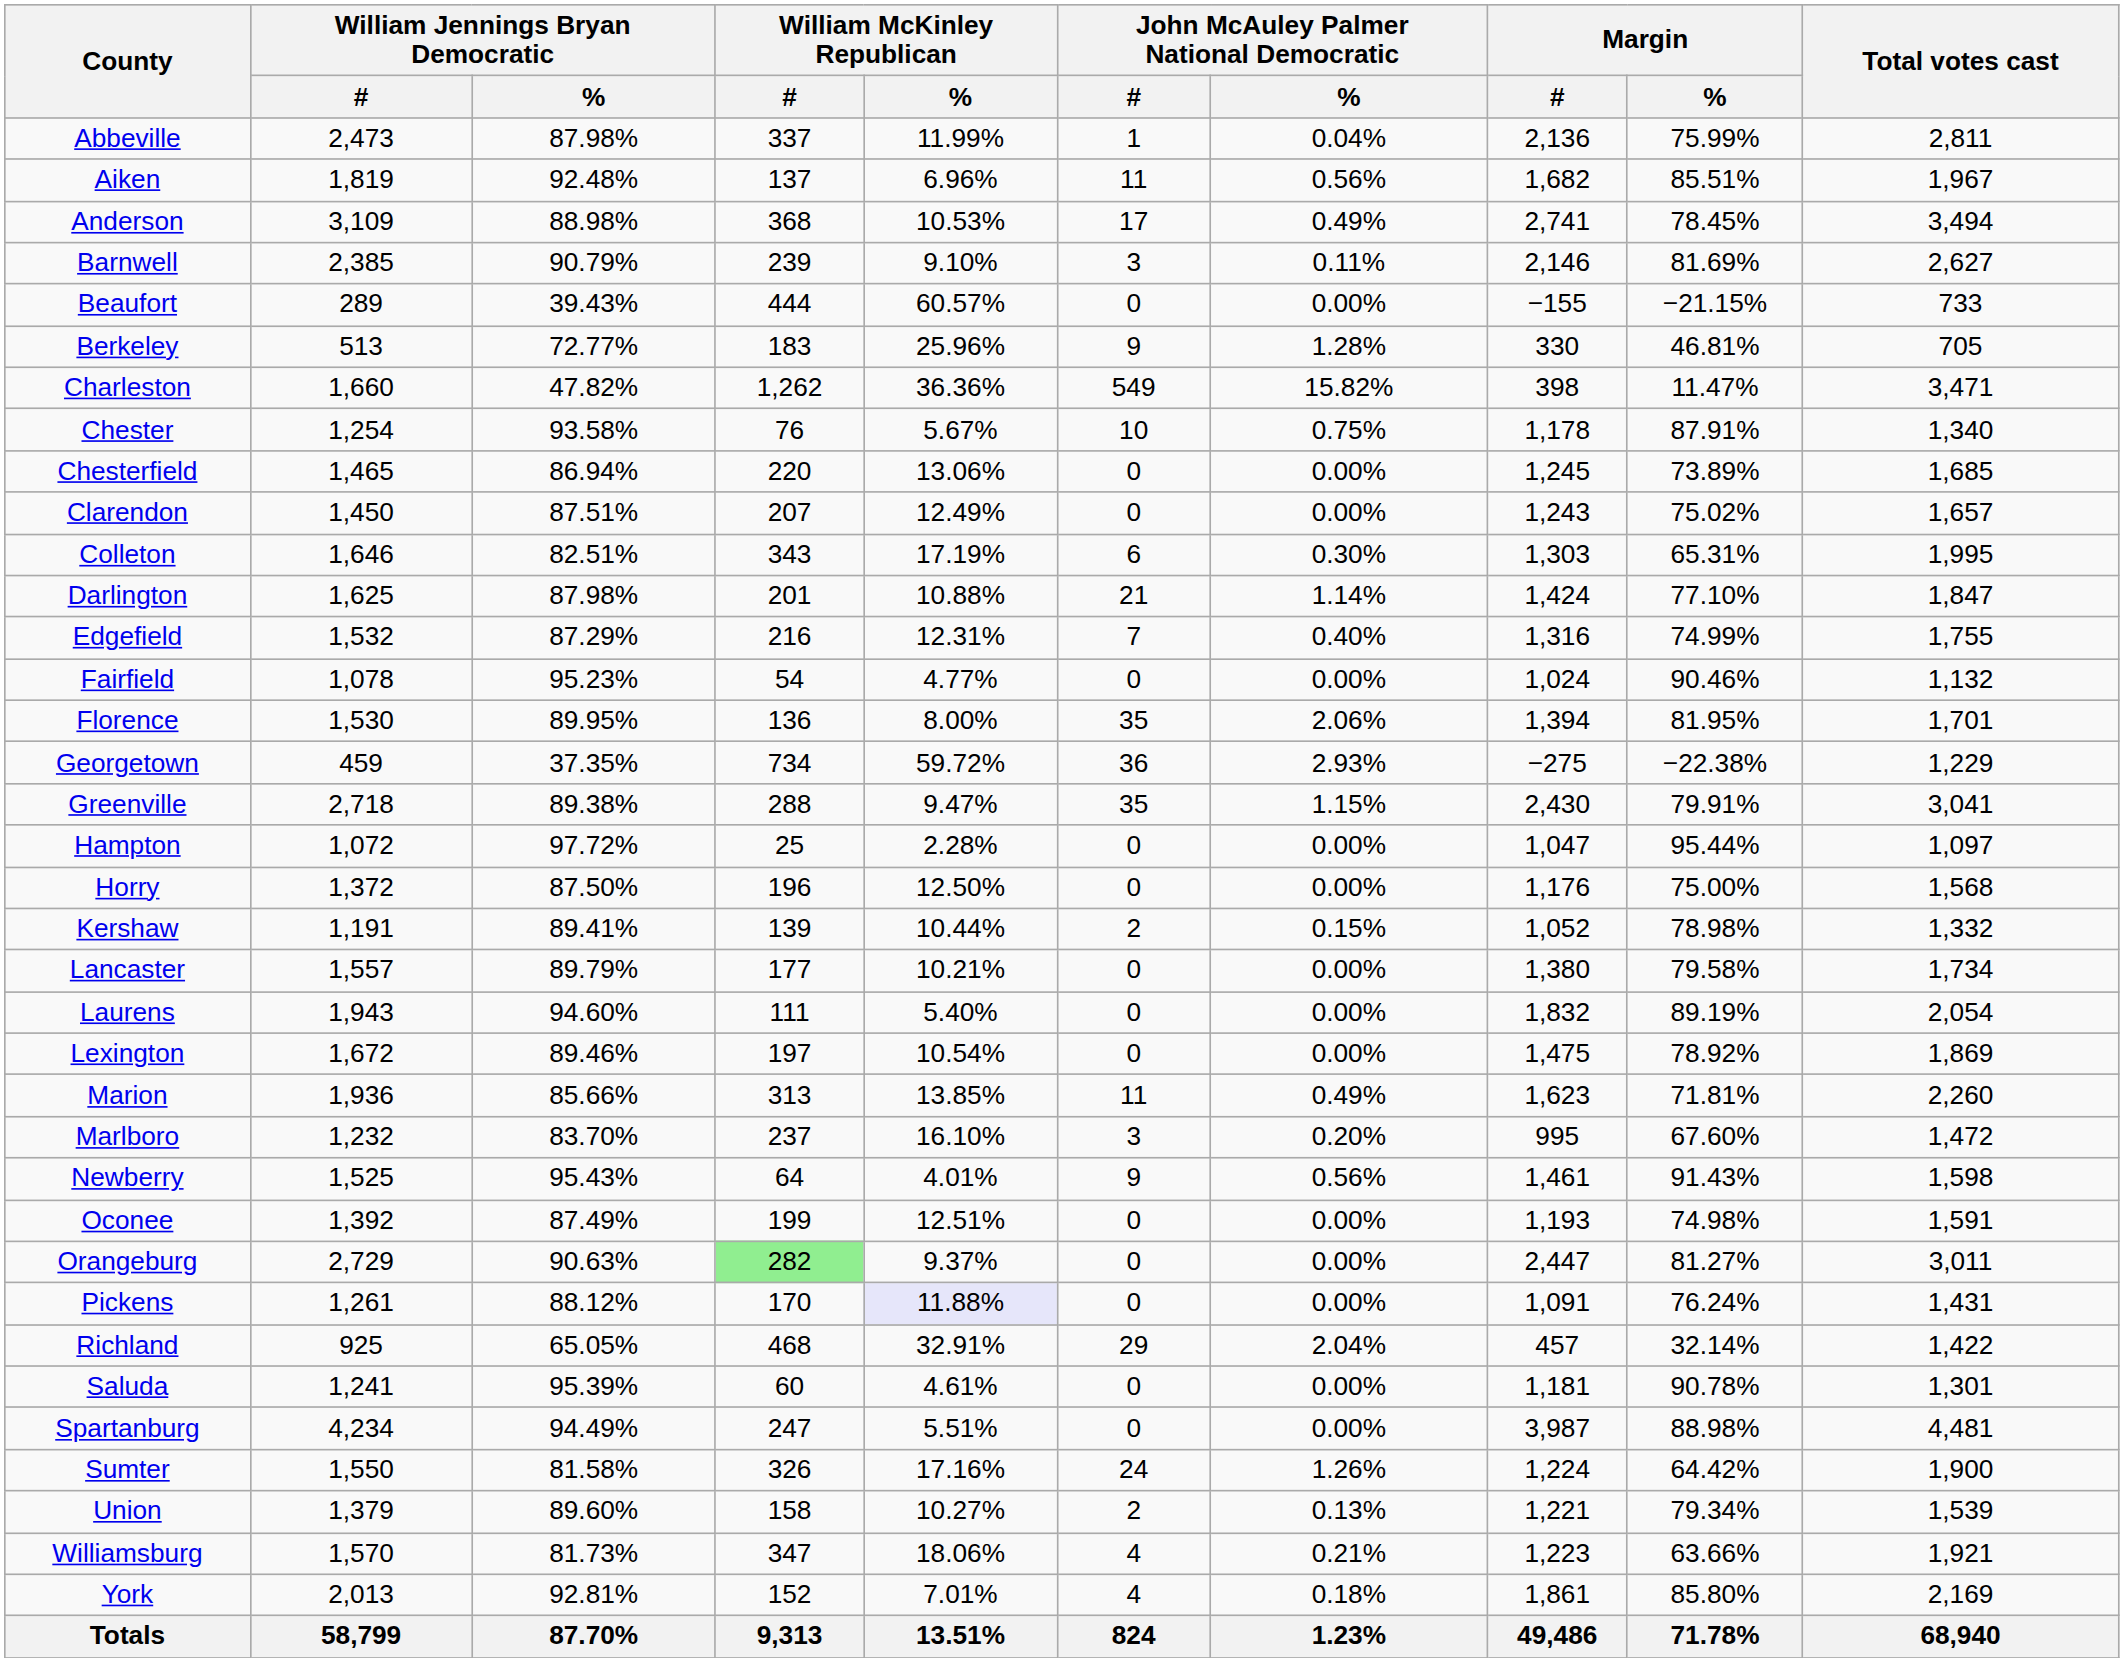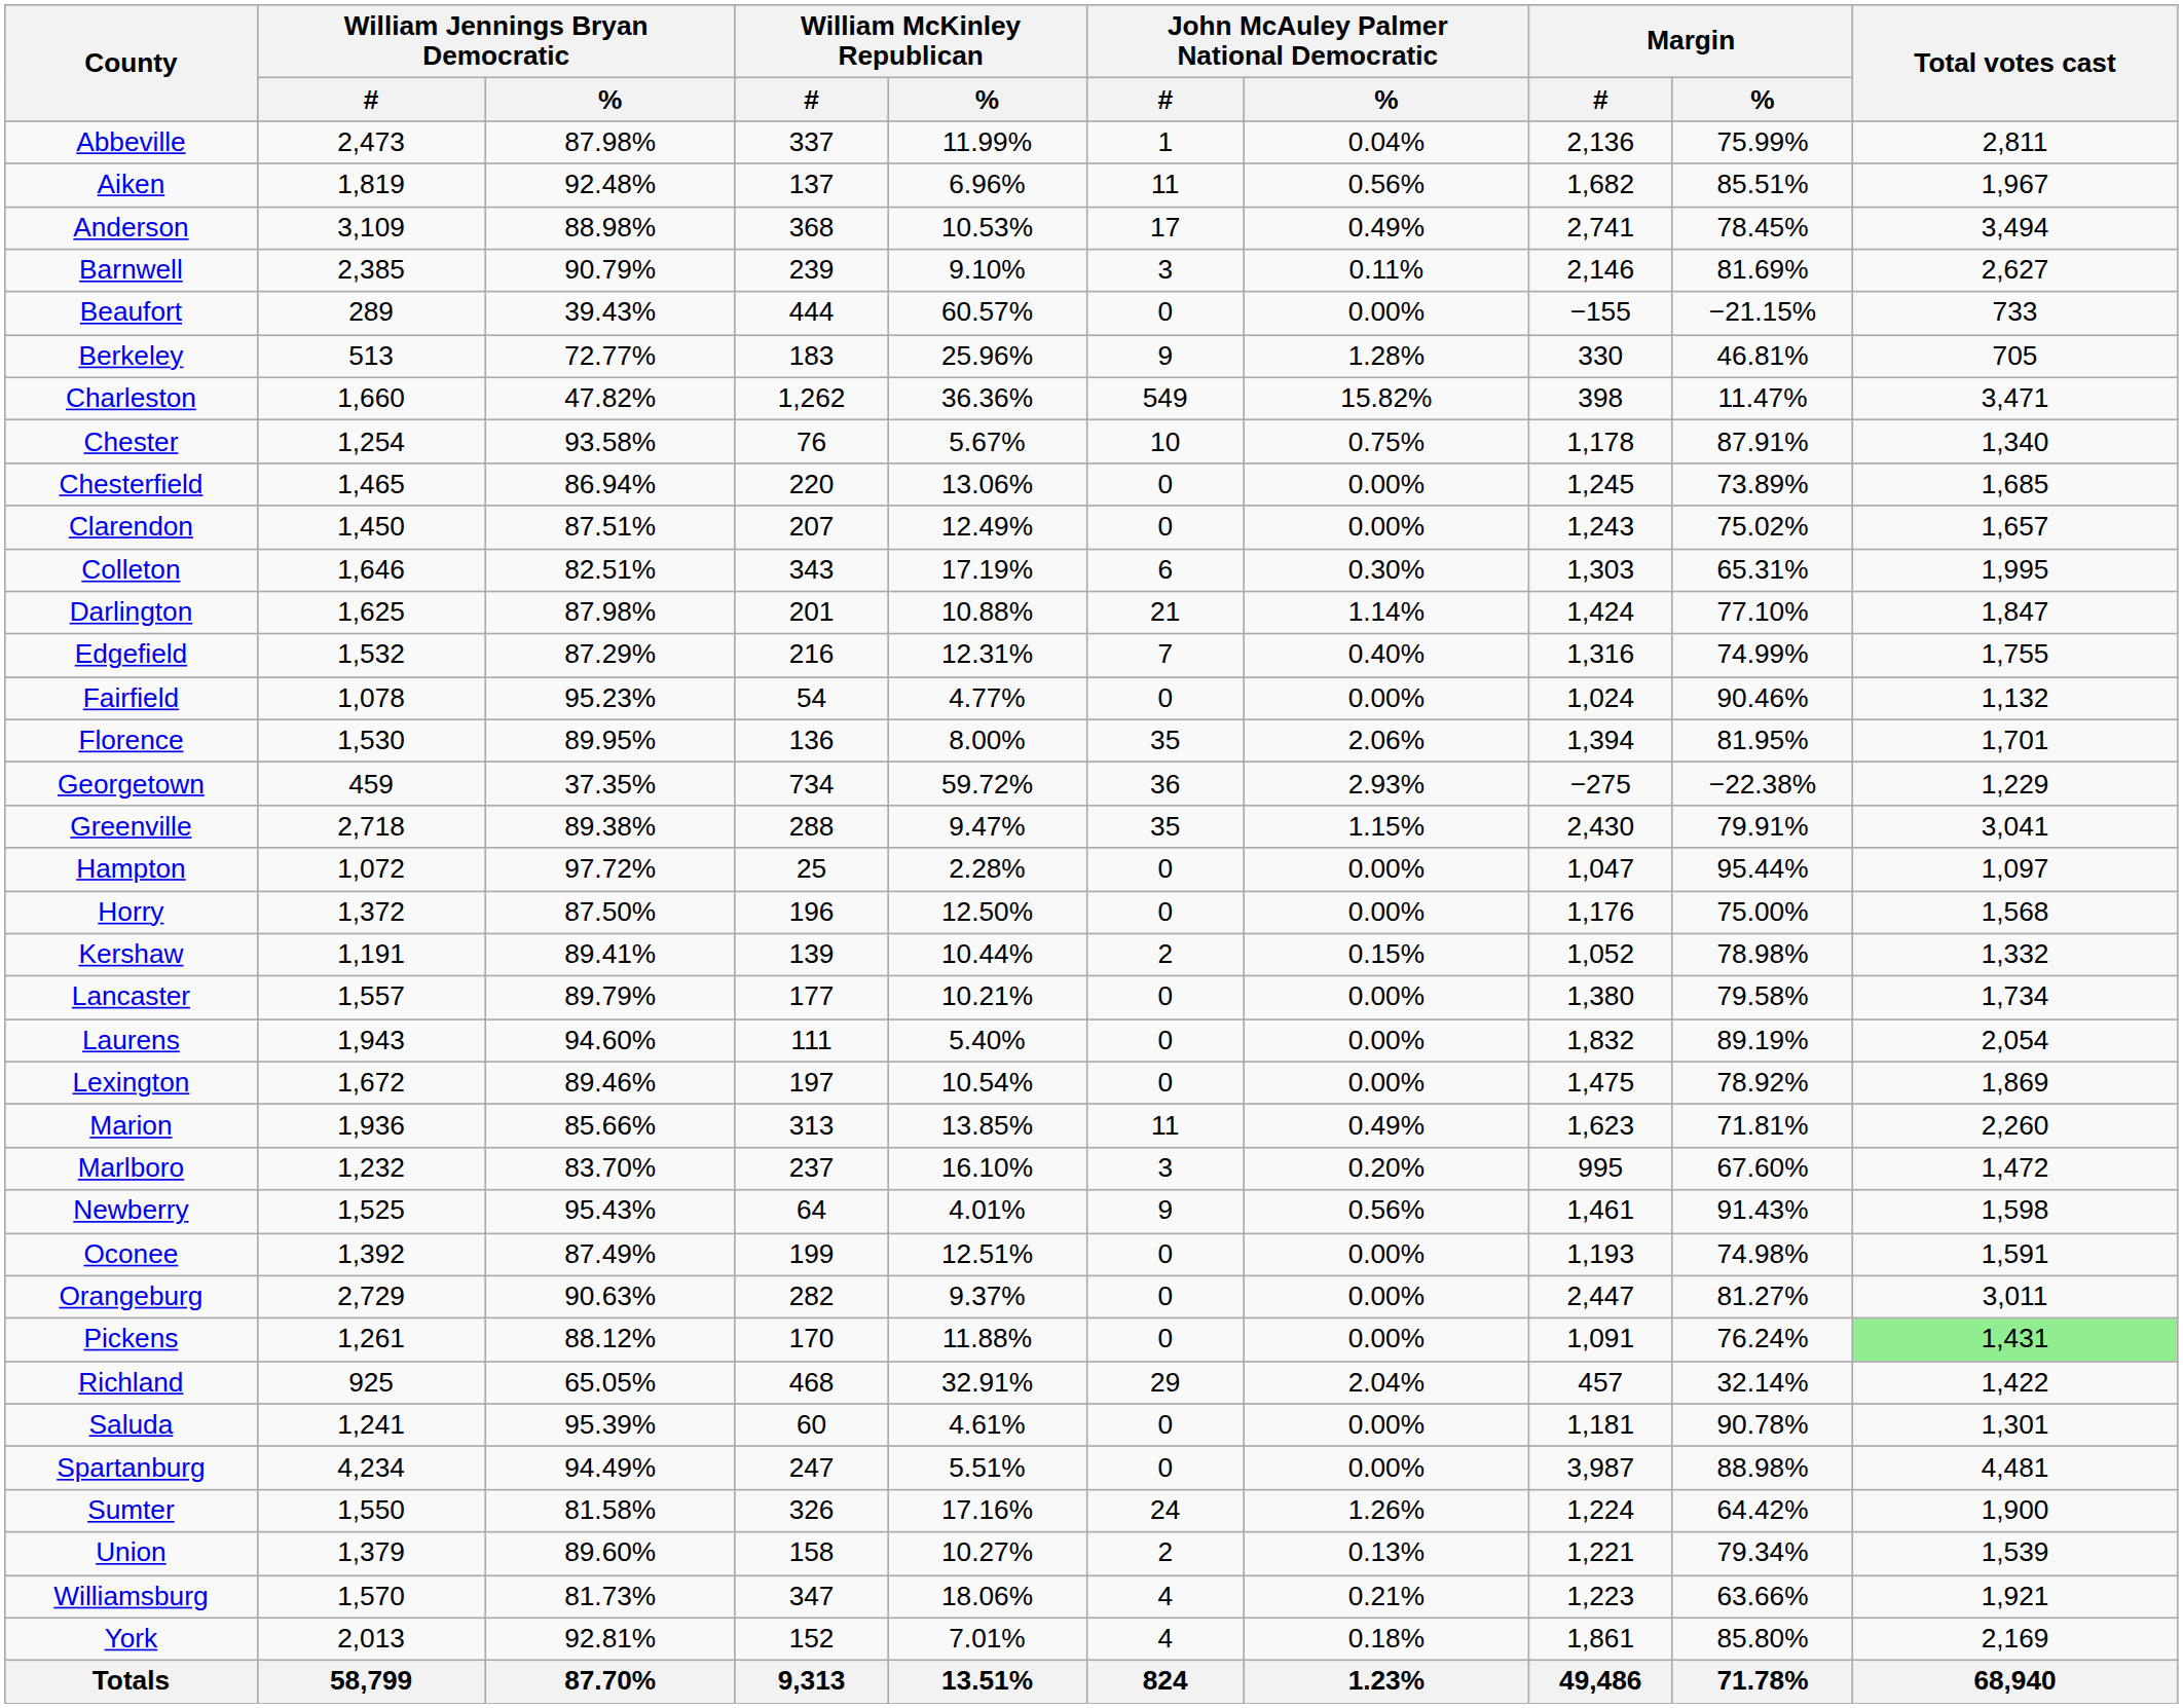 <table width="65%"  class="wikitable sortable" style="text-align:center">
 <tr>
 <th rowspan="2">County</th>
 <th style="text-align:center;" colspan="2">William Jennings Bryan<br>Democratic</th>
 <th style="text-align:center;" colspan="2">William McKinley<br>Republican</th>
 <th style="text-align:center;" colspan="2">John McAuley Palmer<br>National Democratic</th>
 <th style="text-align:center;" colspan="2">Margin</th>
 <th style="text-align:center;" rowspan="2">Total votes cast</th>
 </tr>
 <tr>
 <th data-sort-type="number">#</th>
 <th data-sort-type="number">%</th>
 <th data-sort-type="number">#</th>
 <th data-sort-type="number">%</th>
 <th data-sort-type="number">#</th>
 <th data-sort-type="number">%</th>
 <th data-sort-type="number">#</th>
 <th data-sort-type="number">%</th>
 </tr>
 <tr style="text-align:center;">
 <td><a href='#'>Abbeville</a></td>
 <td>2,473</td>
 <td>87.98%</td>
 <td>337</td>
 <td>11.99%</td>
 <td>1</td>
 <td>0.04%</td>
 <td>2,136</td>
 <td>75.99%</td>
 <td>2,811</td>
 </tr>
 <tr style="text-align:center;">
 <td><a href='#'>Aiken</a></td>
 <td>1,819</td>
 <td>92.48%</td>
 <td>137</td>
 <td>6.96%</td>
 <td>11</td>
 <td>0.56%</td>
 <td>1,682</td>
 <td>85.51%</td>
 <td>1,967</td>
 </tr>
 <tr style="text-align:center;">
 <td><a href='#'>Anderson</a></td>
 <td>3,109</td>
 <td>88.98%</td>
 <td>368</td>
 <td>10.53%</td>
 <td>17</td>
 <td>0.49%</td>
 <td>2,741</td>
 <td>78.45%</td>
 <td>3,494</td>
 </tr>
 <tr style="text-align:center;">
 <td><a href='#'>Barnwell</a></td>
 <td>2,385</td>
 <td>90.79%</td>
 <td>239</td>
 <td>9.10%</td>
 <td>3</td>
 <td>0.11%</td>
 <td>2,146</td>
 <td>81.69%</td>
 <td>2,627</td>
 </tr>
 <tr style="text-align:center;">
 <td><a href='#'>Beaufort</a></td>
 <td>289</td>
 <td>39.43%</td>
 <td>444</td>
 <td>60.57%</td>
 <td>0</td>
 <td>0.00%</td>
 <td>−155</td>
 <td>−21.15%</td>
 <td>733</td>
 </tr>
 <tr style="text-align:center;">
 <td><a href='#'>Berkeley</a></td>
 <td>513</td>
 <td>72.77%</td>
 <td>183</td>
 <td>25.96%</td>
 <td>9</td>
 <td>1.28%</td>
 <td>330</td>
 <td>46.81%</td>
 <td>705</td>
 </tr>
 <tr style="text-align:center;">
 <td><a href='#'>Charleston</a></td>
 <td>1,660</td>
 <td>47.82%</td>
 <td>1,262</td>
 <td>36.36%</td>
 <td>549</td>
 <td>15.82%</td>
 <td>398</td>
 <td>11.47%</td>
 <td>3,471</td>
 </tr>
 <tr style="text-align:center;">
 <td><a href='#'>Chester</a></td>
 <td>1,254</td>
 <td>93.58%</td>
 <td>76</td>
 <td>5.67%</td>
 <td>10</td>
 <td>0.75%</td>
 <td>1,178</td>
 <td>87.91%</td>
 <td>1,340</td>
 </tr>
 <tr style="text-align:center;">
 <td><a href='#'>Chesterfield</a></td>
 <td>1,465</td>
 <td>86.94%</td>
 <td>220</td>
 <td>13.06%</td>
 <td>0</td>
 <td>0.00%</td>
 <td>1,245</td>
 <td>73.89%</td>
 <td>1,685</td>
 </tr>
 <tr style="text-align:center;">
 <td><a href='#'>Clarendon</a></td>
 <td>1,450</td>
 <td>87.51%</td>
 <td>207</td>
 <td>12.49%</td>
 <td>0</td>
 <td>0.00%</td>
 <td>1,243</td>
 <td>75.02%</td>
 <td>1,657</td>
 </tr>
 <tr style="text-align:center;">
 <td><a href='#'>Colleton</a></td>
 <td>1,646</td>
 <td>82.51%</td>
 <td>343</td>
 <td>17.19%</td>
 <td>6</td>
 <td>0.30%</td>
 <td>1,303</td>
 <td>65.31%</td>
 <td>1,995</td>
 </tr>
 <tr style="text-align:center;">
 <td><a href='#'>Darlington</a></td>
 <td>1,625</td>
 <td>87.98%</td>
 <td>201</td>
 <td>10.88%</td>
 <td>21</td>
 <td>1.14%</td>
 <td>1,424</td>
 <td>77.10%</td>
 <td>1,847</td>
 </tr>
 <tr style="text-align:center;">
 <td><a href='#'>Edgefield</a></td>
 <td>1,532</td>
 <td>87.29%</td>
 <td>216</td>
 <td>12.31%</td>
 <td>7</td>
 <td>0.40%</td>
 <td>1,316</td>
 <td>74.99%</td>
 <td>1,755</td>
 </tr>
 <tr style="text-align:center;">
 <td><a href='#'>Fairfield</a></td>
 <td>1,078</td>
 <td>95.23%</td>
 <td>54</td>
 <td>4.77%</td>
 <td>0</td>
 <td>0.00%</td>
 <td>1,024</td>
 <td>90.46%</td>
 <td>1,132</td>
 </tr>
 <tr style="text-align:center;">
 <td><a href='#'>Florence</a></td>
 <td>1,530</td>
 <td>89.95%</td>
 <td>136</td>
 <td>8.00%</td>
 <td>35</td>
 <td>2.06%</td>
 <td>1,394</td>
 <td>81.95%</td>
 <td>1,701</td>
 </tr>
 <tr style="text-align:center;">
 <td><a href='#'>Georgetown</a></td>
 <td>459</td>
 <td>37.35%</td>
 <td>734</td>
 <td>59.72%</td>
 <td>36</td>
 <td>2.93%</td>
 <td>−275</td>
 <td>−22.38%</td>
 <td>1,229</td>
 </tr>
 <tr style="text-align:center;">
 <td><a href='#'>Greenville</a></td>
 <td>2,718</td>
 <td>89.38%</td>
 <td>288</td>
 <td>9.47%</td>
 <td>35</td>
 <td>1.15%</td>
 <td>2,430</td>
 <td>79.91%</td>
 <td>3,041</td>
 </tr>
 <tr style="text-align:center;">
 <td><a href='#'>Hampton</a></td>
 <td>1,072</td>
 <td>97.72%</td>
 <td>25</td>
 <td>2.28%</td>
 <td>0</td>
 <td>0.00%</td>
 <td>1,047</td>
 <td>95.44%</td>
 <td>1,097</td>
 </tr>
 <tr style="text-align:center;">
 <td><a href='#'>Horry</a></td>
 <td>1,372</td>
 <td>87.50%</td>
 <td>196</td>
 <td>12.50%</td>
 <td>0</td>
 <td>0.00%</td>
 <td>1,176</td>
 <td>75.00%</td>
 <td>1,568</td>
 </tr>
 <tr style="text-align:center;">
 <td><a href='#'>Kershaw</a></td>
 <td>1,191</td>
 <td>89.41%</td>
 <td>139</td>
 <td>10.44%</td>
 <td>2</td>
 <td>0.15%</td>
 <td>1,052</td>
 <td>78.98%</td>
 <td>1,332</td>
 </tr>
 <tr style="text-align:center;">
 <td><a href='#'>Lancaster</a></td>
 <td>1,557</td>
 <td>89.79%</td>
 <td>177</td>
 <td>10.21%</td>
 <td>0</td>
 <td>0.00%</td>
 <td>1,380</td>
 <td>79.58%</td>
 <td>1,734</td>
 </tr>
 <tr style="text-align:center;">
 <td><a href='#'>Laurens</a></td>
 <td>1,943</td>
 <td>94.60%</td>
 <td>111</td>
 <td>5.40%</td>
 <td>0</td>
 <td>0.00%</td>
 <td>1,832</td>
 <td>89.19%</td>
 <td>2,054</td>
 </tr>
 <tr style="text-align:center;">
 <td><a href='#'>Lexington</a></td>
 <td>1,672</td>
 <td>89.46%</td>
 <td>197</td>
 <td>10.54%</td>
 <td>0</td>
 <td>0.00%</td>
 <td>1,475</td>
 <td>78.92%</td>
 <td>1,869</td>
 </tr>
 <tr style="text-align:center;">
 <td><a href='#'>Marion</a></td>
 <td>1,936</td>
 <td>85.66%</td>
 <td>313</td>
 <td>13.85%</td>
 <td>11</td>
 <td>0.49%</td>
 <td>1,623</td>
 <td>71.81%</td>
 <td>2,260</td>
 </tr>
 <tr style="text-align:center;">
 <td><a href='#'>Marlboro</a></td>
 <td>1,232</td>
 <td>83.70%</td>
 <td>237</td>
 <td>16.10%</td>
 <td>3</td>
 <td>0.20%</td>
 <td>995</td>
 <td>67.60%</td>
 <td>1,472</td>
 </tr>
 <tr style="text-align:center;">
 <td><a href='#'>Newberry</a></td>
 <td>1,525</td>
 <td>95.43%</td>
 <td>64</td>
 <td>4.01%</td>
 <td>9</td>
 <td>0.56%</td>
 <td>1,461</td>
 <td>91.43%</td>
 <td>1,598</td>
 </tr>
 <tr style="text-align:center;">
 <td><a href='#'>Oconee</a></td>
 <td>1,392</td>
 <td>87.49%</td>
 <td>199</td>
 <td>12.51%</td>
 <td>0</td>
 <td>0.00%</td>
 <td>1,193</td>
 <td>74.98%</td>
 <td>1,591</td>
 </tr>
 <tr style="text-align:center;">
 <td><a href='#'>Orangeburg</a></td>
 <td>2,729</td>
 <td>90.63%</td>
-<td style="background: lightgreen;">282</td>
+<td>282</td>
 <td>9.37%</td>
 <td>0</td>
 <td>0.00%</td>
 <td>2,447</td>
 <td>81.27%</td>
 <td>3,011</td>
 </tr>
 <tr style="text-align:center;">
 <td><a href='#'>Pickens</a></td>
 <td>1,261</td>
 <td>88.12%</td>
 <td>170</td>
-<td style="background: lavender;">11.88%</td>
+<td>11.88%</td>
 <td>0</td>
 <td>0.00%</td>
 <td>1,091</td>
 <td>76.24%</td>
-<td>1,431</td>
+<td style="background: lightgreen;">1,431</td>
 </tr>
 <tr style="text-align:center;">
 <td><a href='#'>Richland</a></td>
 <td>925</td>
 <td>65.05%</td>
 <td>468</td>
 <td>32.91%</td>
 <td>29</td>
 <td>2.04%</td>
 <td>457</td>
 <td>32.14%</td>
 <td>1,422</td>
 </tr>
 <tr style="text-align:center;">
 <td><a href='#'>Saluda</a></td>
 <td>1,241</td>
 <td>95.39%</td>
 <td>60</td>
 <td>4.61%</td>
 <td>0</td>
 <td>0.00%</td>
 <td>1,181</td>
 <td>90.78%</td>
 <td>1,301</td>
 </tr>
 <tr style="text-align:center;">
 <td><a href='#'>Spartanburg</a></td>
 <td>4,234</td>
 <td>94.49%</td>
 <td>247</td>
 <td>5.51%</td>
 <td>0</td>
 <td>0.00%</td>
 <td>3,987</td>
 <td>88.98%</td>
 <td>4,481</td>
 </tr>
 <tr style="text-align:center;">
 <td><a href='#'>Sumter</a></td>
 <td>1,550</td>
 <td>81.58%</td>
 <td>326</td>
 <td>17.16%</td>
 <td>24</td>
 <td>1.26%</td>
 <td>1,224</td>
 <td>64.42%</td>
 <td>1,900</td>
 </tr>
 <tr style="text-align:center;">
 <td><a href='#'>Union</a></td>
 <td>1,379</td>
 <td>89.60%</td>
 <td>158</td>
 <td>10.27%</td>
 <td>2</td>
 <td>0.13%</td>
 <td>1,221</td>
 <td>79.34%</td>
 <td>1,539</td>
 </tr>
 <tr style="text-align:center;">
 <td><a href='#'>Williamsburg</a></td>
 <td>1,570</td>
 <td>81.73%</td>
 <td>347</td>
 <td>18.06%</td>
 <td>4</td>
 <td>0.21%</td>
 <td>1,223</td>
 <td>63.66%</td>
 <td>1,921</td>
 </tr>
 <tr style="text-align:center;">
 <td><a href='#'>York</a></td>
 <td>2,013</td>
 <td>92.81%</td>
 <td>152</td>
 <td>7.01%</td>
 <td>4</td>
 <td>0.18%</td>
 <td>1,861</td>
 <td>85.80%</td>
 <td>2,169</td>
 </tr>
 <tr style="text-align:center;">
 <th>Totals</th>
 <th>58,799</th>
 <th>87.70%</th>
 <th>9,313</th>
 <th>13.51%</th>
 <th>824</th>
 <th>1.23%</th>
 <th>49,486</th>
 <th>71.78%</th>
 <th>68,940</th>
 </tr>
 </table>
